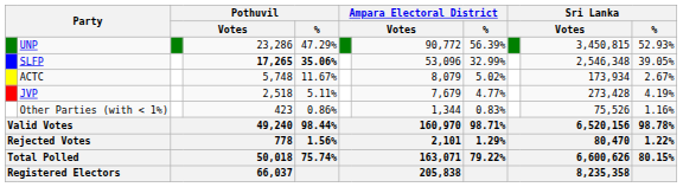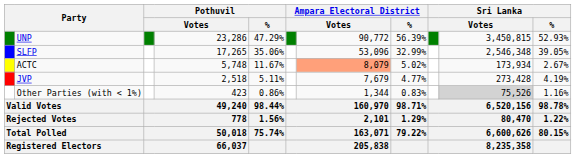 <table class="wikitable">
 <tr>
 <th colspan="2" width="144px"rowspan="2">Party</th>
 <th colspan="3" width="216px">Pothuvil</th>
 <th colspan="3" width="216px"><a href='#'>Ampara Electoral District</a></th>
 <th colspan="3" width="216px">Sri Lanka</th>
 </tr>
 <tr>
 <th colspan="2" width="144px">Votes</th>
 <th>%</th>
 <th colspan="2" width="144px">Votes</th>
 <th>%</th>
 <th colspan="2" width="144px">Votes</th>
 <th>%</th>
 </tr>
 <tr>
 <td style="background-color:green;" width="10px"></td>
 <td style="text-align:left;"><a href='#'>UNP</a></td>
 <td style="background-color:green;" width="10px"></td>
 <td style="text-align:right;">23,286</td>
 <td style="text-align:right;">47.29%</td>
 <td style="background-color:green;" width="10px"></td>
 <td style="text-align:right;">90,772</td>
 <td style="text-align:right;">56.39%</td>
 <td style="background-color:green;" width="10px"></td>
 <td style="text-align:right;">3,450,815</td>
 <td style="text-align:right;">52.93%</td>
 </tr>
 <tr>
 <td style="background-color:blue;" width="10px"></td>
 <td style="text-align:left;"><a href='#'>SLFP</a></td>
 <td style="background-color:white;" width="10px"></td>
-<td style="text-align:right;"><strong>17,265</strong></td>
-<td style="text-align:right;"><strong>35.06%</strong></td>
+<td style="text-align:right;">17,265</td>
+<td style="text-align:right;">35.06%</td>
 <td style="background-color:white;" width="10px"></td>
 <td style="text-align:right;">53,096</td>
 <td style="text-align:right;">32.99%</td>
 <td style="background-color:white;" width="10px"></td>
 <td style="text-align:right;">2,546,348</td>
 <td style="text-align:right;">39.05%</td>
 </tr>
 <tr>
 <td style="background-color:yellow;" width="10px"></td>
 <td style="text-align:left;">ACTC</td>
 <td style="background-color:white;" width="10px"></td>
 <td style="text-align:right;">5,748</td>
 <td style="text-align:right;">11.67%</td>
 <td style="background-color:white;" width="10px"></td>
-<td style="text-align:right;">8,079</td>
+<td style="background: lightsalmon; text-align:right;">8,079</td>
 <td style="text-align:right;">5.02%</td>
 <td style="background-color:white;" width="10px"></td>
 <td style="text-align:right;">173,934</td>
 <td style="text-align:right;">2.67%</td>
 </tr>
 <tr>
 <td style="background-color:red;" width="10px"></td>
 <td style="text-align:left;"><a href='#'>JVP</a></td>
 <td style="background-color:white;" width="10px"></td>
 <td style="text-align:right;">2,518</td>
 <td style="text-align:right;">5.11%</td>
 <td style="background-color:white;" width="10px"></td>
 <td style="text-align:right;">7,679</td>
 <td style="text-align:right;">4.77%</td>
 <td style="background-color:white;" width="10px"></td>
 <td style="text-align:right;">273,428</td>
 <td style="text-align:right;">4.19%</td>
 </tr>
 <tr>
 <td style="background-color:white;" width="10px"></td>
 <td style="text-align:left;">Other Parties (with < 1%)</td>
 <td style="background-color:white;" width="10px"></td>
 <td style="text-align:right;">423</td>
 <td style="text-align:right;">0.86%</td>
 <td style="background-color:white;" width="10px"></td>
 <td style="text-align:right;">1,344</td>
 <td style="text-align:right;">0.83%</td>
 <td style="background-color:white;" width="10px"></td>
-<td style="text-align:right;">75,526</td>
+<td style="background: lightgrey; text-align:right;">75,526</td>
 <td style="text-align:right;">1.16%</td>
 </tr>
 <tr>
 <th colspan="2" width="144px"style="text-align:left;">Valid Votes</th>
 <th style="text-align:right;"colspan="2" width="144px">49,240</th>
 <th style="text-align:right;">98.44%</th>
 <th style="text-align:right;"colspan="2" width="144px">160,970</th>
 <th style="text-align:right;">98.71%</th>
 <th style="text-align:right;"colspan="2" width="144px">6,520,156</th>
 <th style="text-align:right;">98.78%</th>
 </tr>
 <tr>
 <th colspan="2" width="144px"style="text-align:left;">Rejected Votes</th>
 <th style="text-align:right;"colspan="2" width="144px">778</th>
 <th style="text-align:right;">1.56%</th>
 <th style="text-align:right;"colspan="2" width="144px">2,101</th>
 <th style="text-align:right;">1.29%</th>
 <th style="text-align:right;"colspan="2" width="144px">80,470</th>
 <th style="text-align:right;">1.22%</th>
 </tr>
 <tr>
 <th colspan="2" width="144px"style="text-align:left;">Total Polled</th>
 <th style="text-align:right;"colspan="2" width="144px">50,018</th>
 <th style="text-align:right;">75.74%</th>
 <th style="text-align:right;"colspan="2" width="144px">163,071</th>
 <th style="text-align:right;">79.22%</th>
 <th style="text-align:right;"colspan="2" width="144px">6,600,626</th>
 <th style="text-align:right;">80.15%</th>
 </tr>
 <tr>
 <th colspan="2" width="144px"style="text-align:left;">Registered Electors</th>
 <th style="text-align:right;"colspan="2" width="144px">66,037</th>
 <th></th>
 <th style="text-align:right;"colspan="2" width="144px">205,838</th>
 <th></th>
 <th style="text-align:right;"colspan="2" width="144px">8,235,358</th>
 <th></th>
 </tr>
 </table>
